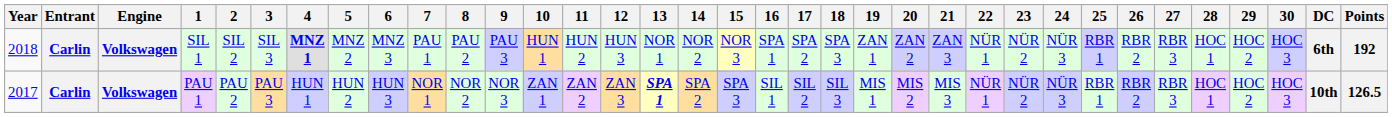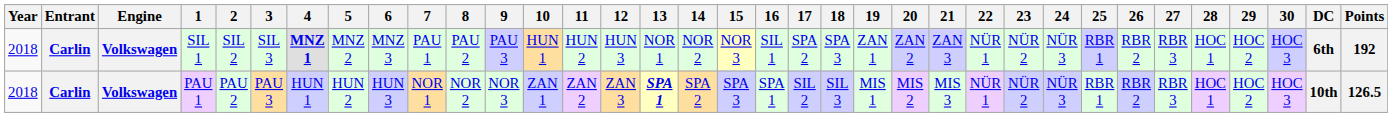 <table class="wikitable" style="text-align:center; font-size:85%">
 <tr>
 <th>Year</th>
 <th>Entrant</th>
 <th>Engine</th>
 <th>1</th>
 <th>2</th>
 <th>3</th>
 <th>4</th>
 <th>5</th>
 <th>6</th>
 <th>7</th>
 <th>8</th>
 <th>9</th>
 <th>10</th>
 <th>11</th>
 <th>12</th>
 <th>13</th>
 <th>14</th>
 <th>15</th>
 <th>16</th>
 <th>17</th>
 <th>18</th>
 <th>19</th>
 <th>20</th>
 <th>21</th>
 <th>22</th>
 <th>23</th>
 <th>24</th>
 <th>25</th>
 <th>26</th>
 <th>27</th>
 <th>28</th>
 <th>29</th>
 <th>30</th>
 <th>DC</th>
 <th>Points</th>
 </tr>
 <tr>
 <td><a href='#'>2018</a></td>
 <th nowrap><a href='#'>Carlin</a></th>
 <th><a href='#'>Volkswagen</a></th>
 <td style="background:#DFFFDF;"><a href='#'>SIL<br>1</a><br></td>
 <td style="background:#DFFFDF;"><a href='#'>SIL<br>2</a><br></td>
 <td style="background:#DFFFDF;"><a href='#'>SIL<br>3</a><br></td>
 <td style="background:#DFDFDF;"><strong><a href='#'>MNZ<br>1</a></strong><br></td>
 <td style="background:#DFFFDF;"><a href='#'>MNZ<br>2</a><br></td>
 <td style="background:#DFFFDF;"><a href='#'>MNZ<br>3</a><br></td>
 <td style="background:#DFFFDF;"><a href='#'>PAU<br>1</a><br></td>
 <td style="background:#DFFFDF;"><a href='#'>PAU<br>2</a><br></td>
 <td style="background:#CFCFFF;"><a href='#'>PAU<br>3</a><br></td>
 <td style="background:#FFDF9F;"><a href='#'>HUN<br>1</a><br></td>
 <td style="background:#DFFFDF;"><a href='#'>HUN<br>2</a><br></td>
 <td style="background:#DFFFDF;"><a href='#'>HUN<br>3</a><br></td>
 <td style="background:#DFFFDF;"><a href='#'>NOR<br>1</a><br></td>
 <td style="background:#DFFFDF;"><a href='#'>NOR<br>2</a><br></td>
 <td style="background:#FFFFBF;"><a href='#'>NOR<br>3</a><br></td>
-<td style="background:#DFFFDF;"><a href='#'>SPA<br>1</a><br></td>
+<td style="background:#DFFFDF;"><a href='#'>SIL<br>1</a><br></td>
 <td style="background:#DFFFDF;"><a href='#'>SPA<br>2</a><br></td>
 <td style="background:#DFFFDF;"><a href='#'>SPA<br>3</a><br></td>
 <td style="background:#DFFFDF;"><a href='#'>ZAN<br>1</a><br></td>
 <td style="background:#CFCFFF;"><a href='#'>ZAN<br>2</a><br></td>
 <td style="background:#CFCFFF;"><a href='#'>ZAN<br>3</a><br></td>
 <td style="background:#DFFFDF;"><a href='#'>NÜR<br>1</a><br></td>
 <td style="background:#DFFFDF;"><a href='#'>NÜR<br>2</a><br></td>
 <td style="background:#DFFFDF;"><a href='#'>NÜR<br>3</a><br></td>
 <td style="background:#CFCFFF;"><a href='#'>RBR<br>1</a><br></td>
 <td style="background:#DFFFDF;"><a href='#'>RBR<br>2</a><br></td>
 <td style="background:#DFFFDF;"><a href='#'>RBR<br>3</a><br></td>
 <td style="background:#DFFFDF;"><a href='#'>HOC<br>1</a><br></td>
 <td style="background:#DFFFDF;"><a href='#'>HOC<br>2</a><br></td>
 <td style="background:#CFCFFF;"><a href='#'>HOC<br>3</a><br></td>
 <th>6th</th>
 <th>192</th>
 </tr>
 <tr>
-<td><a href='#'>2017</a></td>
+<td><a href='#'>2018</a></td>
 <th nowrap><a href='#'>Carlin</a></th>
 <th><a href='#'>Volkswagen</a></th>
 <td style="background:#EFCFFF;"><a href='#'>PAU<br>1</a><br></td>
 <td style="background:#DFFFDF;"><a href='#'>PAU<br>2</a><br></td>
 <td style="background:#FFDF9F;"><a href='#'>PAU<br>3</a><br></td>
 <td style="background:#CFCFFF;"><a href='#'>HUN<br>1</a><br></td>
 <td style="background:#DFFFDF;"><a href='#'>HUN<br>2</a><br></td>
 <td style="background:#CFCFFF;"><a href='#'>HUN<br>3</a><br></td>
 <td style="background:#FFDF9F;"><a href='#'>NOR<br>1</a><br></td>
 <td style="background:#DFFFDF;"><a href='#'>NOR<br>2</a><br></td>
 <td style="background:#DFFFDF;"><a href='#'>NOR<br>3</a><br></td>
 <td style="background:#CFCFFF;"><a href='#'>ZAN<br>1</a><br></td>
 <td style="background:#EFCFFF;"><a href='#'>ZAN<br>2</a><br></td>
 <td style="background:#FFDF9F;"><a href='#'>ZAN<br>3</a><br></td>
 <td style="background:#FFFFBF;"><strong><em><a href='#'>SPA<br>1</a></em></strong><br></td>
 <td style="background:#FFDF9F;"><a href='#'>SPA<br>2</a><br></td>
 <td style="background:#CFCFFF;"><a href='#'>SPA<br>3</a><br></td>
-<td style="background:#DFFFDF;"><a href='#'>SIL<br>1</a><br></td>
+<td style="background:#DFFFDF;"><a href='#'>SPA<br>1</a><br></td>
 <td style="background:#CFCFFF;"><a href='#'>SIL<br>2</a><br></td>
 <td style="background:#CFCFFF;"><a href='#'>SIL<br>3</a><br></td>
 <td style="background:#DFFFDF;"><a href='#'>MIS<br>1</a><br></td>
 <td style="background:#EFCFFF;"><a href='#'>MIS<br>2</a><br></td>
 <td style="background:#DFFFDF;"><a href='#'>MIS<br>3</a><br></td>
 <td style="background:#EFCFFF;"><a href='#'>NÜR<br>1</a><br></td>
 <td style="background:#CFCFFF;"><a href='#'>NÜR<br>2</a><br></td>
 <td style="background:#CFCFFF;"><a href='#'>NÜR<br>3</a><br></td>
 <td style="background:#DFFFDF;"><a href='#'>RBR<br>1</a><br></td>
 <td style="background:#CFCFFF;"><a href='#'>RBR<br>2</a><br></td>
 <td style="background:#DFFFDF;"><a href='#'>RBR<br>3</a><br></td>
 <td style="background:#EFCFFF;"><a href='#'>HOC<br>1</a><br></td>
 <td style="background:#DFFFDF;"><a href='#'>HOC<br>2</a><br></td>
 <td style="background:#EFCFFF;"><a href='#'>HOC<br>3</a><br></td>
 <th>10th</th>
 <th>126.5</th>
 </tr>
 </table>
